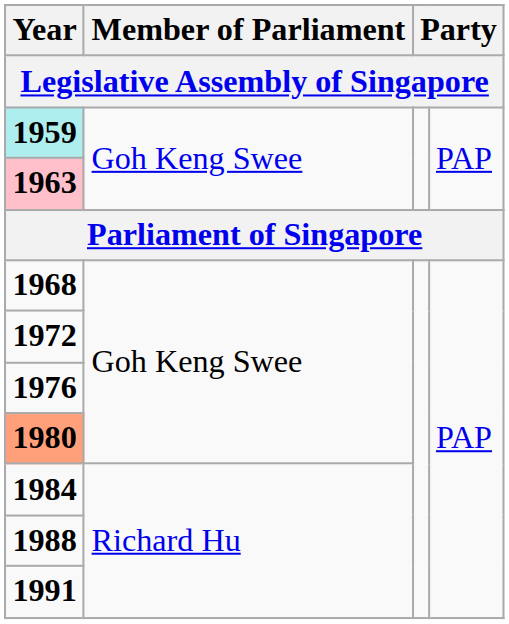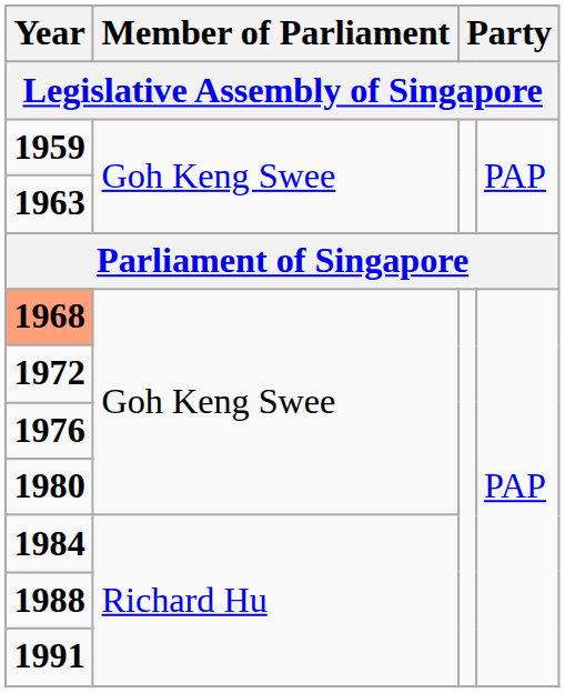 <table class="wikitable">
 <tr>
 <th>Year</th>
 <th>Member of Parliament</th>
 <th colspan="2">Party</th>
 </tr>
 <tr>
 <th colspan="4"><a href='#'>Legislative Assembly of Singapore</a></th>
 </tr>
 <tr>
-<td style="background: paleturquoise;"><strong>1959</strong></td>
+<td><strong>1959</strong></td>
 <td rowspan="2"><a href='#'>Goh Keng Swee</a></td>
 <td rowspan="2"></td>
 <td rowspan="2"><a href='#'>PAP</a></td>
 </tr>
 <tr>
-<td style="background: pink;"><strong>1963</strong></td>
+<td><strong>1963</strong></td>
 </tr>
 <tr>
 <th colspan="4"><a href='#'>Parliament of Singapore</a></th>
 </tr>
 <tr>
-<td><strong>1968</strong></td>
+<td style="background: lightsalmon;"><strong>1968</strong></td>
 <td rowspan="4">Goh Keng Swee</td>
 <td rowspan="7"></td>
 <td rowspan="7"><a href='#'>PAP</a></td>
 </tr>
 <tr>
 <td><strong>1972</strong></td>
 </tr>
 <tr>
 <td><strong>1976</strong></td>
 </tr>
 <tr>
-<td style="background: lightsalmon;"><strong>1980</strong></td>
+<td><strong>1980</strong></td>
 </tr>
 <tr>
 <td><strong>1984</strong></td>
 <td rowspan="3"><a href='#'>Richard Hu</a></td>
 </tr>
 <tr>
 <td><strong>1988</strong></td>
 </tr>
 <tr>
 <td><strong>1991</strong></td>
 </tr>
 </table>
